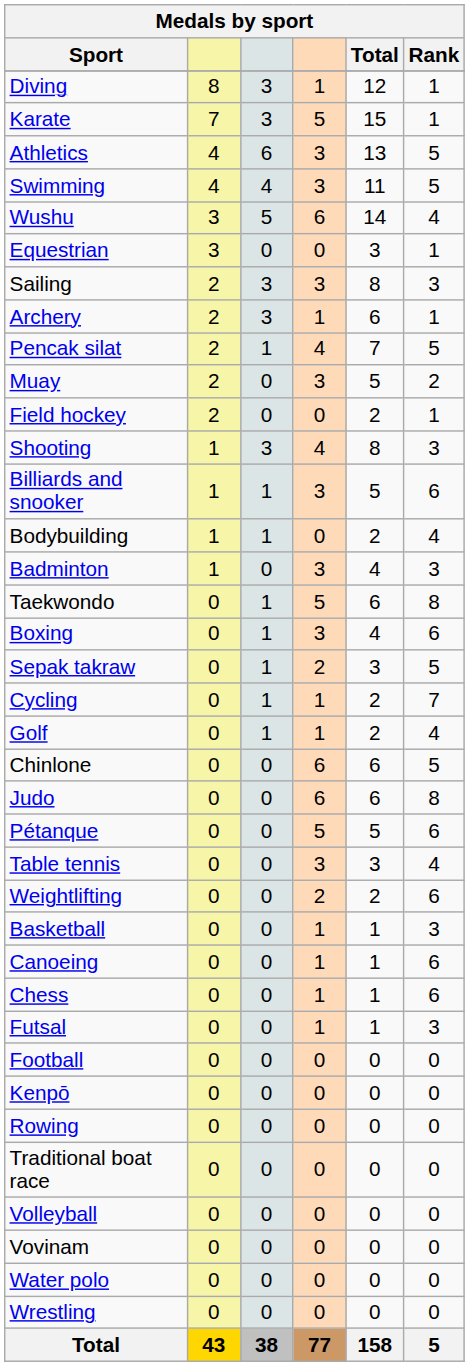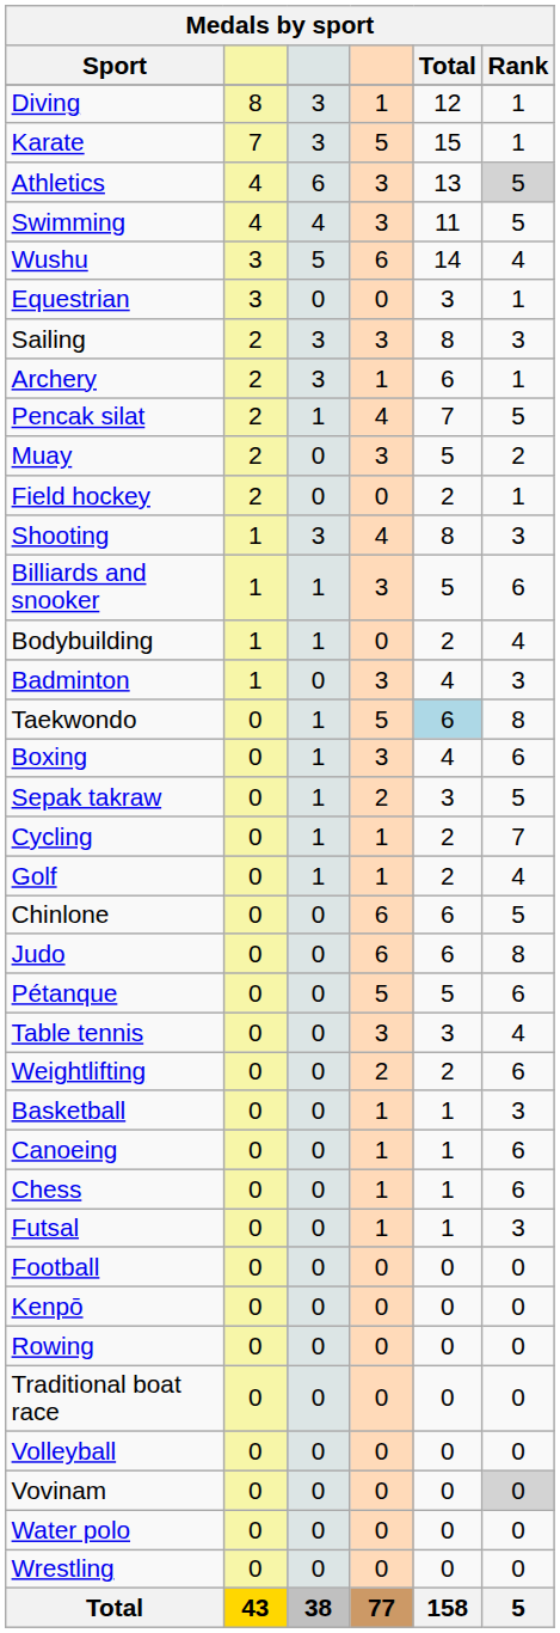 <table class="wikitable" style="font-size:90%; text-align:center;">
 <tr>
 <th colspan=6>Medals by sport</th>
 </tr>
 <tr>
 <th width=120>Sport</th>
 <th scope="col" width=30 style="background:#F7F6A8;"></th>
 <th scope="col" width=30 style="background:#DCE5E5;"></th>
 <th scope="col" width=30 style="background:#FFDAB9;"></th>
 <th width=30>Total</th>
 <th width=30>Rank</th>
 </tr>
 <tr>
 </tr>
 <tr align=center>
 <td align=left><a href='#'>Diving</a></td>
 <td bgcolor=#f7f6a8>8</td>
 <td bgcolor=#dce5e5>3</td>
 <td bgcolor=#ffdab9>1</td>
 <td>12</td>
 <td>1</td>
 </tr>
 <tr align=center>
 <td align=left><a href='#'>Karate</a></td>
 <td bgcolor=#f7f6a8>7</td>
 <td bgcolor=#dce5e5>3</td>
 <td bgcolor=#ffdab9>5</td>
 <td>15</td>
 <td>1</td>
 </tr>
 <tr align=center>
 <td align=left><a href='#'>Athletics</a></td>
 <td bgcolor=#f7f6a8>4</td>
 <td bgcolor=#dce5e5>6</td>
 <td bgcolor=#ffdab9>3</td>
 <td>13</td>
-<td>5</td>
+<td style="background: lightgrey;">5</td>
 </tr>
 <tr align=center>
 <td align=left><a href='#'>Swimming</a></td>
 <td bgcolor=#f7f6a8>4</td>
 <td bgcolor=#dce5e5>4</td>
 <td bgcolor=#ffdab9>3</td>
 <td>11</td>
 <td>5</td>
 </tr>
 <tr align=center>
 <td align=left><a href='#'>Wushu</a></td>
 <td bgcolor=#f7f6a8>3</td>
 <td bgcolor=#dce5e5>5</td>
 <td bgcolor=#ffdab9>6</td>
 <td>14</td>
 <td>4</td>
 </tr>
 <tr align=center>
 <td align=left><a href='#'>Equestrian</a></td>
 <td bgcolor=#f7f6a8>3</td>
 <td bgcolor=#dce5e5>0</td>
 <td bgcolor=#ffdab9>0</td>
 <td>3</td>
 <td>1</td>
 </tr>
 <tr align=center>
 <td align=left>Sailing</td>
 <td bgcolor=#f7f6a8>2</td>
 <td bgcolor=#dce5e5>3</td>
 <td bgcolor=#ffdab9>3</td>
 <td>8</td>
 <td>3</td>
 </tr>
 <tr align=center>
 <td align=left><a href='#'>Archery</a></td>
 <td bgcolor=#f7f6a8>2</td>
 <td bgcolor=#dce5e5>3</td>
 <td bgcolor=#ffdab9>1</td>
 <td>6</td>
 <td>1</td>
 </tr>
 <tr align=center>
 <td align=left><a href='#'>Pencak silat</a></td>
 <td bgcolor=#f7f6a8>2</td>
 <td bgcolor=#dce5e5>1</td>
 <td bgcolor=#ffdab9>4</td>
 <td>7</td>
 <td>5</td>
 </tr>
 <tr align=center>
 <td align=left><a href='#'>Muay</a></td>
 <td bgcolor=#f7f6a8>2</td>
 <td bgcolor=#dce5e5>0</td>
 <td bgcolor=#ffdab9>3</td>
 <td>5</td>
 <td>2</td>
 </tr>
 <tr align=center>
 <td align=left><a href='#'>Field hockey</a></td>
 <td bgcolor=#f7f6a8>2</td>
 <td bgcolor=#dce5e5>0</td>
 <td bgcolor=#ffdab9>0</td>
 <td>2</td>
 <td>1</td>
 </tr>
 <tr align=center>
 <td align=left><a href='#'>Shooting</a></td>
 <td bgcolor=#f7f6a8>1</td>
 <td bgcolor=#dce5e5>3</td>
 <td bgcolor=#ffdab9>4</td>
 <td>8</td>
 <td>3</td>
 </tr>
 <tr align=center>
 <td align=left><a href='#'>Billiards and snooker</a></td>
 <td bgcolor=#f7f6a8>1</td>
 <td bgcolor=#dce5e5>1</td>
 <td bgcolor=#ffdab9>3</td>
 <td>5</td>
 <td>6</td>
 </tr>
 <tr align=center>
 <td align=left>Bodybuilding</td>
 <td bgcolor=#f7f6a8>1</td>
 <td bgcolor=#dce5e5>1</td>
 <td bgcolor=#ffdab9>0</td>
 <td>2</td>
 <td>4</td>
 </tr>
 <tr align=center>
 <td align=left><a href='#'>Badminton</a></td>
 <td bgcolor=#f7f6a8>1</td>
 <td bgcolor=#dce5e5>0</td>
 <td bgcolor=#ffdab9>3</td>
 <td>4</td>
 <td>3</td>
 </tr>
 <tr align=center>
 <td align=left>Taekwondo</td>
 <td bgcolor=#f7f6a8>0</td>
 <td bgcolor=#dce5e5>1</td>
 <td bgcolor=#ffdab9>5</td>
-<td>6</td>
+<td style="background: lightblue;">6</td>
 <td>8</td>
 </tr>
 <tr align=center>
 <td align=left><a href='#'>Boxing</a></td>
 <td bgcolor=#f7f6a8>0</td>
 <td bgcolor=#dce5e5>1</td>
 <td bgcolor=#ffdab9>3</td>
 <td>4</td>
 <td>6</td>
 </tr>
 <tr align=center>
 <td align=left><a href='#'>Sepak takraw</a></td>
 <td bgcolor=#f7f6a8>0</td>
 <td bgcolor=#dce5e5>1</td>
 <td bgcolor=#ffdab9>2</td>
 <td>3</td>
 <td>5</td>
 </tr>
 <tr align=center>
 <td align=left><a href='#'>Cycling</a></td>
 <td bgcolor=#f7f6a8>0</td>
 <td bgcolor=#dce5e5>1</td>
 <td bgcolor=#ffdab9>1</td>
 <td>2</td>
 <td>7</td>
 </tr>
 <tr align=center>
 <td align=left><a href='#'>Golf</a></td>
 <td bgcolor=#f7f6a8>0</td>
 <td bgcolor=#dce5e5>1</td>
 <td bgcolor=#ffdab9>1</td>
 <td>2</td>
 <td>4</td>
 </tr>
 <tr align=center>
 <td align=left>Chinlone</td>
 <td bgcolor=#f7f6a8>0</td>
 <td bgcolor=#dce5e5>0</td>
 <td bgcolor=#ffdab9>6</td>
 <td>6</td>
 <td>5</td>
 </tr>
 <tr align=center>
 <td align=left><a href='#'>Judo</a></td>
 <td bgcolor=#f7f6a8>0</td>
 <td bgcolor=#dce5e5>0</td>
 <td bgcolor=#ffdab9>6</td>
 <td>6</td>
 <td>8</td>
 </tr>
 <tr align=center>
 <td align=left><a href='#'>Pétanque</a></td>
 <td bgcolor=#f7f6a8>0</td>
 <td bgcolor=#dce5e5>0</td>
 <td bgcolor=#ffdab9>5</td>
 <td>5</td>
 <td>6</td>
 </tr>
 <tr align=center>
 <td align=left><a href='#'>Table tennis</a></td>
 <td bgcolor=#f7f6a8>0</td>
 <td bgcolor=#dce5e5>0</td>
 <td bgcolor=#ffdab9>3</td>
 <td>3</td>
 <td>4</td>
 </tr>
 <tr align=center>
 <td align=left><a href='#'>Weightlifting</a></td>
 <td bgcolor=#f7f6a8>0</td>
 <td bgcolor=#dce5e5>0</td>
 <td bgcolor=#ffdab9>2</td>
 <td>2</td>
 <td>6</td>
 </tr>
 <tr align=center>
 <td align=left><a href='#'>Basketball</a></td>
 <td bgcolor=#f7f6a8>0</td>
 <td bgcolor=#dce5e5>0</td>
 <td bgcolor=#ffdab9>1</td>
 <td>1</td>
 <td>3</td>
 </tr>
 <tr align=center>
 <td align=left><a href='#'>Canoeing</a></td>
 <td bgcolor=#f7f6a8>0</td>
 <td bgcolor=#dce5e5>0</td>
 <td bgcolor=#ffdab9>1</td>
 <td>1</td>
 <td>6</td>
 </tr>
 <tr align=center>
 <td align=left><a href='#'>Chess</a></td>
 <td bgcolor=#f7f6a8>0</td>
 <td bgcolor=#dce5e5>0</td>
 <td bgcolor=#ffdab9>1</td>
 <td>1</td>
 <td>6</td>
 </tr>
 <tr align=center>
 <td align=left><a href='#'>Futsal</a></td>
 <td bgcolor=#f7f6a8>0</td>
 <td bgcolor=#dce5e5>0</td>
 <td bgcolor=#ffdab9>1</td>
 <td>1</td>
 <td>3</td>
 </tr>
 <tr align=center>
 <td align=left><a href='#'>Football</a></td>
 <td bgcolor=#f7f6a8>0</td>
 <td bgcolor=#dce5e5>0</td>
 <td bgcolor=#ffdab9>0</td>
 <td>0</td>
 <td>0</td>
 </tr>
 <tr align=center>
 <td align=left><a href='#'>Kenpō</a></td>
 <td bgcolor=#f7f6a8>0</td>
 <td bgcolor=#dce5e5>0</td>
 <td bgcolor=#ffdab9>0</td>
 <td>0</td>
 <td>0</td>
 </tr>
 <tr align=center>
 <td align=left><a href='#'>Rowing</a></td>
 <td bgcolor=#f7f6a8>0</td>
 <td bgcolor=#dce5e5>0</td>
 <td bgcolor=#ffdab9>0</td>
 <td>0</td>
 <td>0</td>
 </tr>
 <tr align=center>
 <td align=left>Traditional boat race</td>
 <td bgcolor=#f7f6a8>0</td>
 <td bgcolor=#dce5e5>0</td>
 <td bgcolor=#ffdab9>0</td>
 <td>0</td>
 <td>0</td>
 </tr>
 <tr align=center>
 <td align=left><a href='#'>Volleyball</a></td>
 <td bgcolor=#f7f6a8>0</td>
 <td bgcolor=#dce5e5>0</td>
 <td bgcolor=#ffdab9>0</td>
 <td>0</td>
 <td>0</td>
 </tr>
 <tr align=center>
 <td align=left>Vovinam</td>
 <td bgcolor=#f7f6a8>0</td>
 <td bgcolor=#dce5e5>0</td>
 <td bgcolor=#ffdab9>0</td>
 <td>0</td>
-<td>0</td>
+<td style="background: lightgrey;">0</td>
 </tr>
 <tr align=center>
 <td align=left><a href='#'>Water polo</a></td>
 <td bgcolor=#f7f6a8>0</td>
 <td bgcolor=#dce5e5>0</td>
 <td bgcolor=#ffdab9>0</td>
 <td>0</td>
 <td>0</td>
 </tr>
 <tr align=center>
 <td align=left><a href='#'>Wrestling</a></td>
 <td bgcolor=#f7f6a8>0</td>
 <td bgcolor=#dce5e5>0</td>
 <td bgcolor=#ffdab9>0</td>
 <td>0</td>
 <td>0</td>
 </tr>
 <tr>
 <th>Total</th>
 <th style="background:gold;">43</th>
 <th style="background:silver;">38</th>
 <th style="background:#c96;">77</th>
 <th>158</th>
 <th>5</th>
 </tr>
 </table>
